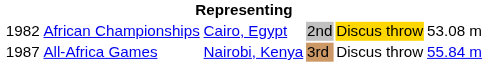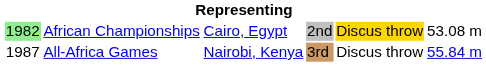 <table>
 <tr>
 <th colspan="6">Representing </th>
 </tr>
 <tr>
-<td>1982</td>
+<td style="background: lightgreen;">1982</td>
 <td><a href='#'>African Championships</a></td>
 <td><a href='#'>Cairo, Egypt</a></td>
 <td bgcolor=silver>2nd</td>
 <td style="background: gold;">Discus throw</td>
 <td>53.08 m</td>
 </tr>
 <tr>
 <td>1987</td>
 <td><a href='#'>All-Africa Games</a></td>
 <td><a href='#'>Nairobi, Kenya</a></td>
 <td bgcolor="cc9966">3rd</td>
 <td>Discus throw</td>
 <td><a href='#'>55.84 m</a></td>
 </tr>
 </table>
